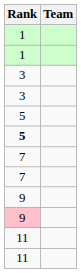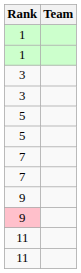 <table class=wikitable style="text-align: center;">
 <tr>
 <th>Rank</th>
 <th>Team</th>
 </tr>
 <tr style="background: #CCFFCC;">
 <td>1</td>
 <td style="text-align: left;"><strong></strong></td>
 </tr>
 <tr style="background: #CCFFCC;">
 <td>1</td>
 <td style="text-align: left;"><strong></strong></td>
 </tr>
 <tr>
 <td>3</td>
 <td style="text-align: left;"></td>
 </tr>
 <tr>
 <td>3</td>
 <td style="text-align: left;"></td>
 </tr>
 <tr>
 <td>5</td>
 <td style="text-align: left;"></td>
 </tr>
 <tr>
-<td><strong>5</strong></td>
+<td>5</td>
 <td style="text-align: left;"></td>
 </tr>
 <tr>
 <td>7</td>
 <td style="text-align: left;"></td>
 </tr>
 <tr>
 <td>7</td>
 <td style="text-align: left;"></td>
 </tr>
 <tr>
 <td>9</td>
 <td style="text-align: left;"></td>
 </tr>
 <tr>
 <td style="background: pink;">9</td>
 <td style="text-align: left;"></td>
 </tr>
 <tr>
 <td>11</td>
 <td style="text-align: left;"></td>
 </tr>
 <tr>
 <td>11</td>
 <td style="text-align: left;"></td>
 </tr>
 </table>
